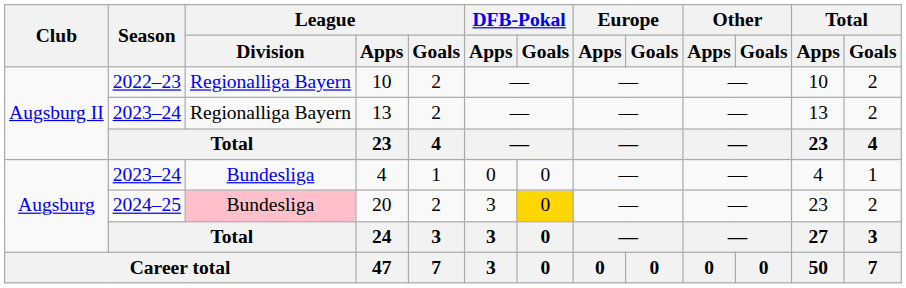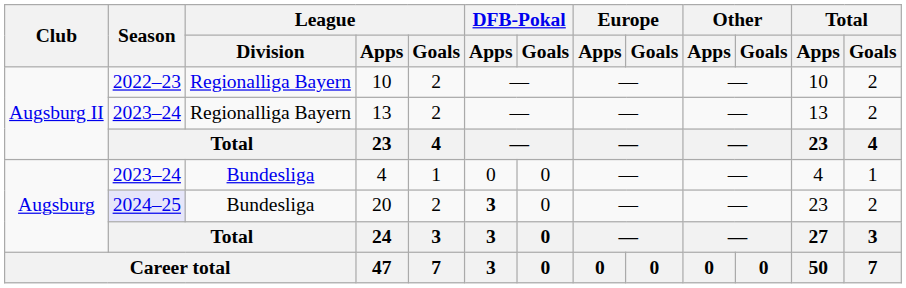 <table class="wikitable" style="text-align:center">
 <tr>
 <th rowspan="2">Club</th>
 <th rowspan="2">Season</th>
 <th colspan="3">League</th>
 <th colspan="2"><a href='#'>DFB-Pokal</a></th>
 <th colspan="2">Europe</th>
 <th colspan="2">Other</th>
 <th colspan="2">Total</th>
 </tr>
 <tr>
 <th>Division</th>
 <th>Apps</th>
 <th>Goals</th>
 <th>Apps</th>
 <th>Goals</th>
 <th>Apps</th>
 <th>Goals</th>
 <th>Apps</th>
 <th>Goals</th>
 <th>Apps</th>
 <th>Goals</th>
 </tr>
 <tr>
 <td rowspan="3"><a href='#'>Augsburg II</a></td>
 <td><a href='#'>2022–23</a></td>
 <td><a href='#'>Regionalliga Bayern</a></td>
 <td>10</td>
 <td>2</td>
 <td colspan="2">—</td>
 <td colspan="2">—</td>
 <td colspan="2">—</td>
 <td>10</td>
 <td>2</td>
 </tr>
 <tr>
 <td><a href='#'>2023–24</a></td>
 <td>Regionalliga Bayern</td>
 <td>13</td>
 <td>2</td>
 <td colspan="2">—</td>
 <td colspan="2">—</td>
 <td colspan="2">—</td>
 <td>13</td>
 <td>2</td>
 </tr>
 <tr>
 <th colspan="2">Total</th>
 <th>23</th>
 <th>4</th>
 <th colspan="2">—</th>
 <th colspan="2">—</th>
 <th colspan="2">—</th>
 <th>23</th>
 <th>4</th>
 </tr>
 <tr>
 <td rowspan="3"><a href='#'>Augsburg</a></td>
 <td><a href='#'>2023–24</a></td>
 <td><a href='#'>Bundesliga</a></td>
 <td>4</td>
 <td>1</td>
 <td>0</td>
 <td>0</td>
 <td colspan="2">—</td>
 <td colspan="2">—</td>
 <td>4</td>
 <td>1</td>
 </tr>
 <tr>
-<td><a href='#'>2024–25</a></td>
-<td style="background: pink;">Bundesliga</td>
+<td style="background: lavender;"><a href='#'>2024–25</a></td>
+<td>Bundesliga</td>
 <td>20</td>
 <td>2</td>
-<td>3</td>
-<td style="background: gold;">0</td>
+<td><strong>3</strong></td>
+<td>0</td>
 <td colspan="2">—</td>
 <td colspan="2">—</td>
 <td>23</td>
 <td>2</td>
 </tr>
 <tr>
 <th colspan="2">Total</th>
 <th>24</th>
 <th>3</th>
 <th>3</th>
 <th>0</th>
 <th colspan="2">—</th>
 <th colspan="2">—</th>
 <th>27</th>
 <th>3</th>
 </tr>
 <tr>
 <th colspan="3">Career total</th>
 <th>47</th>
 <th>7</th>
 <th>3</th>
 <th>0</th>
 <th>0</th>
 <th>0</th>
 <th>0</th>
 <th>0</th>
 <th>50</th>
 <th>7</th>
 </tr>
 </table>
